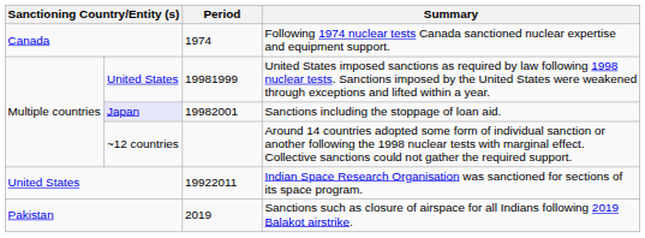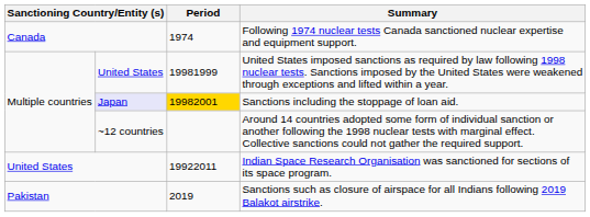 <table class="wikitable">
 <tr>
 <th scope=col colspan="2">Sanctioning Country/Entity (s)</th>
 <th scope=col width="100px">Period</th>
 <th scope=col width="500px">Summary</th>
 </tr>
 <tr>
 <td colspan="2"> <a href='#'>Canada</a></td>
 <td>1974</td>
 <td>Following <a href='#'>1974 nuclear tests</a> Canada sanctioned nuclear expertise and equipment support.</td>
 </tr>
 <tr>
 <td rowspan="3">Multiple countries</td>
 <td> <a href='#'>United States</a></td>
 <td>19981999</td>
 <td>United States imposed sanctions as required by law following <a href='#'>1998 nuclear tests</a>. Sanctions imposed by the United States were weakened through exceptions and lifted within a year.</td>
 </tr>
 <tr>
 <td style="background: lavender;"> <a href='#'>Japan</a></td>
-<td>19982001</td>
+<td style="background: gold;">19982001</td>
 <td>Sanctions including the stoppage of loan aid.</td>
 </tr>
 <tr>
 <td>~12 countries</td>
 <td></td>
 <td>Around 14 countries adopted some form of individual sanction or another following the 1998 nuclear tests with marginal effect. Collective sanctions could not gather the required support.</td>
 </tr>
 <tr>
 <td colspan="2"> <a href='#'>United States</a></td>
 <td>19922011</td>
 <td><a href='#'>Indian Space Research Organisation</a> was sanctioned for sections of its space program.</td>
 </tr>
 <tr>
 <td colspan="2"> <a href='#'>Pakistan</a></td>
 <td>2019</td>
 <td>Sanctions such as closure of airspace for all Indians following <a href='#'>2019 Balakot airstrike</a>.</td>
 </tr>
 </table>
